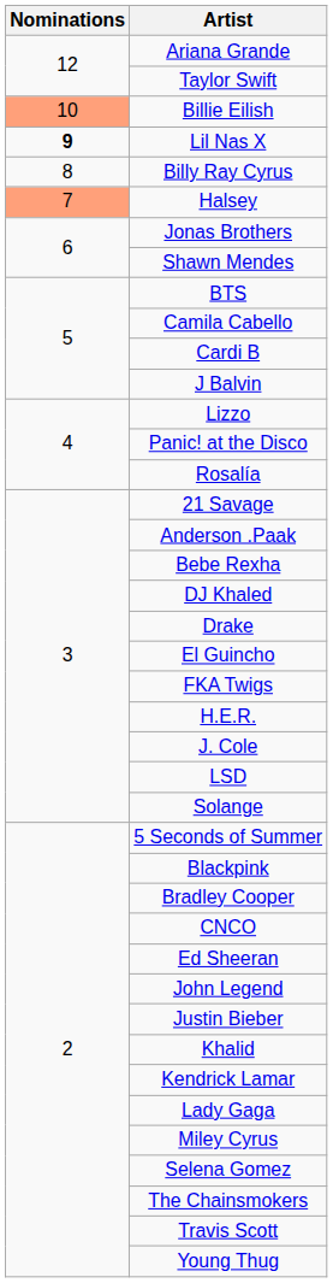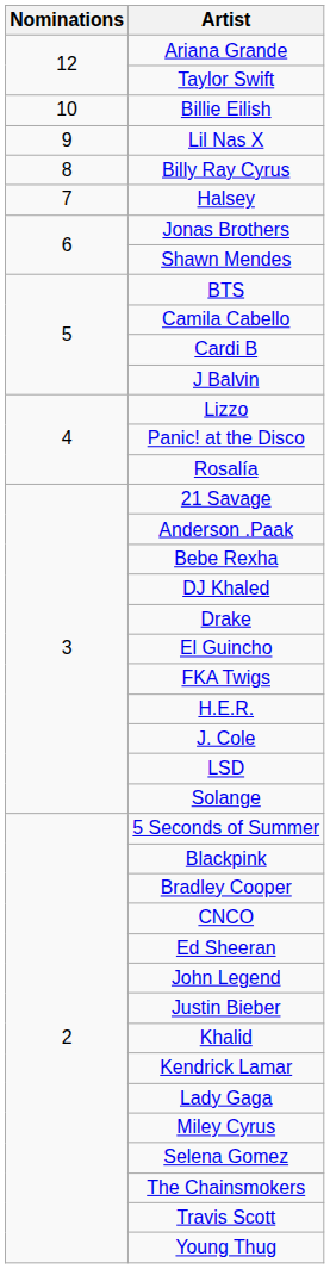 <table class="wikitable" rowspan="2" style="text-align:center">
 <tr>
 <th scope="col" style="width:55px;">Nominations</th>
 <th scope="col" style="text-align:center;">Artist</th>
 </tr>
 <tr>
 <td rowspan="2" style="text-align:center">12</td>
 <td><a href='#'>Ariana Grande</a></td>
 </tr>
 <tr>
 <td><a href='#'>Taylor Swift</a></td>
 </tr>
 <tr>
-<td style="background: lightsalmon; text-align:center">10</td>
+<td style="text-align:center">10</td>
 <td><a href='#'>Billie Eilish</a></td>
 </tr>
 <tr>
-<td style="text-align:center"><strong>9</strong></td>
+<td style="text-align:center">9</td>
 <td><a href='#'>Lil Nas X</a></td>
 </tr>
 <tr>
 <td style="text-align:center">8</td>
 <td><a href='#'>Billy Ray Cyrus</a></td>
 </tr>
 <tr>
-<td style="background: lightsalmon; text-align:center">7</td>
+<td style="text-align:center">7</td>
 <td><a href='#'>Halsey</a></td>
 </tr>
 <tr>
 <td rowspan="2" style="text-align:center">6</td>
 <td><a href='#'>Jonas Brothers</a></td>
 </tr>
 <tr>
 <td><a href='#'>Shawn Mendes</a></td>
 </tr>
 <tr>
 <td rowspan="4" style="text-align:center">5</td>
 <td><a href='#'>BTS</a></td>
 </tr>
 <tr>
 <td><a href='#'>Camila Cabello</a></td>
 </tr>
 <tr>
 <td><a href='#'>Cardi B</a></td>
 </tr>
 <tr>
 <td><a href='#'>J Balvin</a></td>
 </tr>
 <tr>
 <td rowspan="3" style="text-align:center">4</td>
 <td><a href='#'>Lizzo</a></td>
 </tr>
 <tr>
 <td><a href='#'>Panic! at the Disco</a></td>
 </tr>
 <tr>
 <td><a href='#'>Rosalía</a></td>
 </tr>
 <tr>
 <td rowspan="11" style="text-align:center">3</td>
 <td><a href='#'>21 Savage</a></td>
 </tr>
 <tr>
 <td><a href='#'>Anderson .Paak</a></td>
 </tr>
 <tr>
 <td><a href='#'>Bebe Rexha</a></td>
 </tr>
 <tr>
 <td><a href='#'>DJ Khaled</a></td>
 </tr>
 <tr>
 <td><a href='#'>Drake</a></td>
 </tr>
 <tr>
 <td><a href='#'>El Guincho</a></td>
 </tr>
 <tr>
 <td><a href='#'>FKA Twigs</a></td>
 </tr>
 <tr>
 <td><a href='#'>H.E.R.</a></td>
 </tr>
 <tr>
 <td><a href='#'>J. Cole</a></td>
 </tr>
 <tr>
 <td><a href='#'>LSD</a></td>
 </tr>
 <tr>
 <td><a href='#'>Solange</a></td>
 </tr>
 <tr>
 <td rowspan="15" style="text-align:center">2</td>
 <td><a href='#'>5 Seconds of Summer</a></td>
 </tr>
 <tr>
 <td><a href='#'>Blackpink</a></td>
 </tr>
 <tr>
 <td><a href='#'>Bradley Cooper</a></td>
 </tr>
 <tr>
 <td><a href='#'>CNCO</a></td>
 </tr>
 <tr>
 <td><a href='#'>Ed Sheeran</a></td>
 </tr>
 <tr>
 <td><a href='#'>John Legend</a></td>
 </tr>
 <tr>
 <td><a href='#'>Justin Bieber</a></td>
 </tr>
 <tr>
 <td><a href='#'>Khalid</a></td>
 </tr>
 <tr>
 <td><a href='#'>Kendrick Lamar</a></td>
 </tr>
 <tr>
 <td><a href='#'>Lady Gaga</a></td>
 </tr>
 <tr>
 <td><a href='#'>Miley Cyrus</a></td>
 </tr>
 <tr>
 <td><a href='#'>Selena Gomez</a></td>
 </tr>
 <tr>
 <td><a href='#'>The Chainsmokers</a></td>
 </tr>
 <tr>
 <td><a href='#'>Travis Scott</a></td>
 </tr>
 <tr>
 <td><a href='#'>Young Thug</a></td>
 </tr>
 </table>
